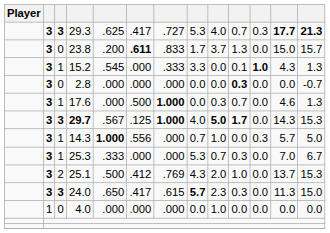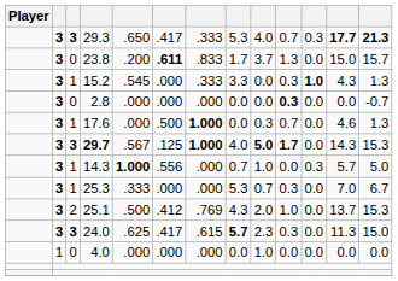 <table class="wikitable sortable" style="font-size:95%; text-align:right;">
 <tr>
 <th>Player</th>
 <th></th>
 <th></th>
 <th></th>
 <th></th>
 <th></th>
 <th></th>
 <th></th>
 <th></th>
 <th></th>
 <th></th>
 <th></th>
 <th></th>
 </tr>
 <tr>
 <td><strong></strong></td>
 <td><strong>3</strong></td>
 <td><strong>3</strong></td>
 <td>29.3</td>
-<td>.625</td>
+<td>.650</td>
 <td>.417</td>
-<td>.727</td>
+<td>.333</td>
 <td>5.3</td>
 <td>4.0</td>
 <td>0.7</td>
 <td>0.3</td>
 <td><strong> 17.7</strong></td>
 <td><strong>21.3</strong></td>
 </tr>
 <tr>
 <td><strong></strong></td>
 <td><strong>3</strong></td>
 <td>0</td>
 <td>23.8</td>
 <td>.200</td>
 <td><strong>.611</strong></td>
 <td>.833</td>
 <td>1.7</td>
 <td>3.7</td>
 <td>1.3</td>
 <td>0.0</td>
 <td>15.0</td>
 <td>15.7</td>
 </tr>
 <tr>
 <td><strong></strong></td>
 <td><strong>3</strong></td>
 <td>1</td>
 <td>15.2</td>
 <td>.545</td>
 <td>.000</td>
 <td>.333</td>
 <td>3.3</td>
 <td>0.0</td>
-<td>0.1</td>
+<td>0.3</td>
 <td><strong>1.0</strong></td>
 <td>4.3</td>
 <td>1.3</td>
 </tr>
 <tr>
 <td><strong></strong></td>
 <td><strong>3</strong></td>
 <td>0</td>
 <td>2.8</td>
 <td>.000</td>
 <td>.000</td>
 <td>.000</td>
 <td>0.0</td>
 <td>0.0</td>
 <td><strong>0.3</strong></td>
 <td>0.0</td>
 <td>0.0</td>
 <td>-0.7</td>
 </tr>
 <tr>
 <td><strong></strong></td>
 <td><strong>3</strong></td>
 <td>1</td>
 <td>17.6</td>
 <td>.000</td>
 <td>.500</td>
 <td><strong>1.000</strong></td>
 <td>0.0</td>
 <td>0.3</td>
 <td>0.7</td>
 <td>0.0</td>
 <td>4.6</td>
 <td>1.3</td>
 </tr>
 <tr>
 <td><strong></strong></td>
 <td><strong>3</strong></td>
 <td><strong>3</strong></td>
 <td><strong>29.7</strong></td>
 <td>.567</td>
 <td>.125</td>
 <td><strong>1.000</strong></td>
 <td>4.0</td>
 <td><strong>5.0</strong></td>
 <td><strong>1.7</strong></td>
 <td>0.0</td>
 <td>14.3</td>
 <td>15.3</td>
 </tr>
 <tr>
 <td><strong></strong></td>
 <td><strong>3</strong></td>
 <td>1</td>
 <td>14.3</td>
 <td><strong>1.000</strong></td>
 <td>.556</td>
 <td>.000</td>
 <td>0.7</td>
 <td>1.0</td>
 <td>0.0</td>
 <td>0.3</td>
 <td>5.7</td>
 <td>5.0</td>
 </tr>
 <tr>
 <td><strong></strong></td>
 <td><strong>3</strong></td>
 <td>1</td>
 <td>25.3</td>
 <td>.333</td>
 <td>.000</td>
 <td>.000</td>
 <td>5.3</td>
 <td>0.7</td>
 <td>0.3</td>
 <td>0.0</td>
 <td>7.0</td>
 <td>6.7</td>
 </tr>
 <tr>
 <td><strong></strong></td>
 <td><strong>3</strong></td>
 <td>2</td>
 <td>25.1</td>
 <td>.500</td>
 <td>.412</td>
 <td>.769</td>
 <td>4.3</td>
 <td>2.0</td>
 <td>1.0</td>
 <td>0.0</td>
 <td>13.7</td>
 <td>15.3</td>
 </tr>
 <tr>
 <td><strong></strong></td>
 <td><strong>3</strong></td>
 <td><strong>3</strong></td>
 <td>24.0</td>
-<td>.650</td>
+<td>.625</td>
 <td>.417</td>
 <td>.615</td>
 <td><strong>5.7</strong></td>
 <td>2.3</td>
 <td>0.3</td>
 <td>0.0</td>
 <td>11.3</td>
 <td>15.0</td>
 </tr>
 <tr>
 <td><strong></strong></td>
 <td>1</td>
 <td>0</td>
 <td>4.0</td>
 <td>.000</td>
 <td>.000</td>
 <td>.000</td>
 <td>0.0</td>
 <td>1.0</td>
 <td>0.0</td>
 <td>0.0</td>
 <td>0.0</td>
 <td>0.0</td>
 </tr>
 <tr>
 <td><strong></strong></td>
 <td colspan=12 data-sort-value="-50"></td>
 </tr>
 <tr>
 <td><strong></strong></td>
 <td colspan=12 data-sort-value="-50"></td>
 </tr>
 <tr>
 </tr>
 </table>
